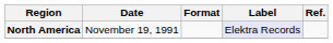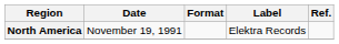 <table class="wikitable plainrowheaders">
 <tr>
 <th scope="col">Region</th>
 <th scope="col">Date</th>
 <th scope="col">Format</th>
 <th scope="col">Label</th>
 <th scope="col">Ref.</th>
 </tr>
 <tr>
 <th scope="row">North America</th>
 <td>November 19, 1991</td>
 <td></td>
-<td style="background: lavender;">Elektra Records</td>
+<td>Elektra Records</td>
 <td></td>
 </tr>
 <tr>
 </tr>
 </table>
